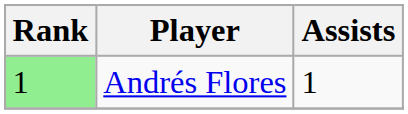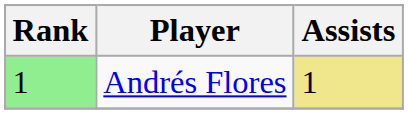 <table class="wikitable" border="1">
 <tr>
 <th>Rank</th>
 <th>Player</th>
 <th>Assists</th>
 </tr>
 <tr>
 <td style="background: lightgreen;">1</td>
 <td><a href='#'>Andrés Flores</a></td>
-<td>1</td>
+<td style="background: khaki;">1</td>
 </tr>
 <tr>
 </tr>
 </table>
